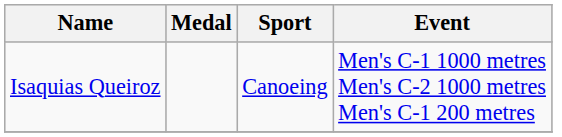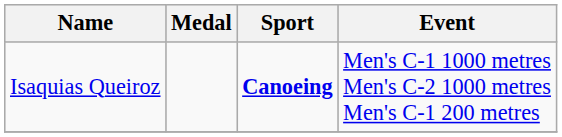 <table class="wikitable" style="font-size:90%">
 <tr>
 <th>Name</th>
 <th>Medal</th>
 <th>Sport</th>
 <th>Event</th>
 </tr>
 <tr>
 <td><a href='#'>Isaquias Queiroz</a></td>
 <td><br><br></td>
-<td><a href='#'>Canoeing</a></td>
+<td><strong><a href='#'>Canoeing</a></strong></td>
 <td><a href='#'>Men's C-1 1000 metres</a><br><a href='#'>Men's C-2 1000 metres</a><br><a href='#'>Men's C-1 200 metres</a></td>
 </tr>
 <tr>
 </tr>
 </table>
